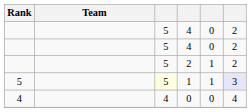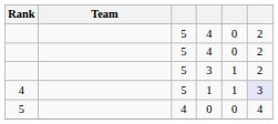 <table class="wikitable" style="text-align:center; font-size:90%;">
 <tr>
 <th width=35>Rank</th>
 <th width=160>Team</th>
 <th width=25></th>
 <th width=25></th>
 <th width=25></th>
 <th width=25></th>
 </tr>
 <tr>
 <td></td>
 <td align="left"></td>
 <td>5</td>
 <td>4</td>
 <td>0</td>
 <td>2</td>
 </tr>
 <tr>
 <td></td>
 <td align="left"></td>
 <td>5</td>
 <td>4</td>
 <td>0</td>
 <td>2</td>
 </tr>
 <tr>
 <td></td>
 <td align="left"></td>
 <td>5</td>
-<td>2</td>
+<td>3</td>
 <td>1</td>
 <td>2</td>
 </tr>
 <tr>
+<td>4</td>
+<td align="left"></td>
 <td>5</td>
-<td align="left"></td>
-<td style="background: lightyellow;">5</td>
 <td>1</td>
 <td>1</td>
 <td style="background: lavender;">3</td>
 </tr>
 <tr>
-<td>4</td>
+<td>5</td>
 <td align="left"></td>
 <td>4</td>
 <td>0</td>
 <td>0</td>
 <td>4</td>
 </tr>
 <tr>
 </tr>
 </table>
